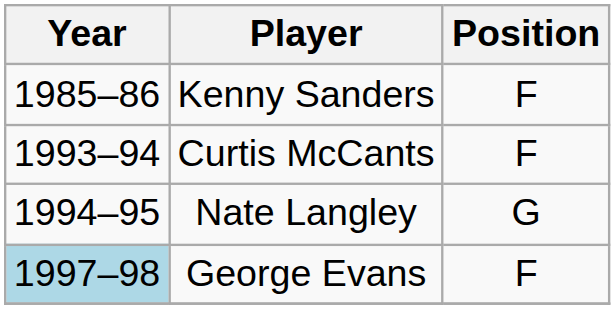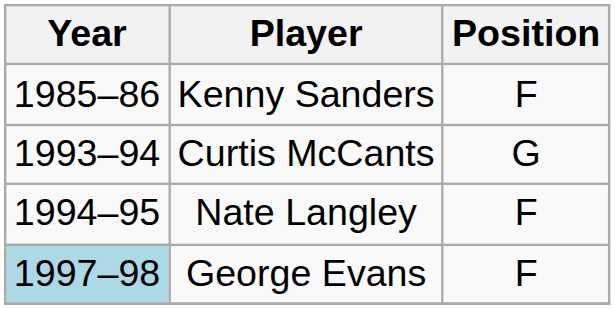 <table class="wikitable">
 <tr>
 <th>Year</th>
 <th>Player</th>
 <th>Position</th>
 </tr>
 <tr align="center">
 <td>1985–86</td>
 <td>Kenny Sanders</td>
 <td>F</td>
 </tr>
 <tr align="center">
 <td>1993–94</td>
 <td>Curtis McCants</td>
-<td>F</td>
+<td>G</td>
 </tr>
 <tr align="center">
 <td>1994–95</td>
 <td>Nate Langley</td>
-<td>G</td>
+<td>F</td>
 </tr>
 <tr align="center">
 <td style="background: lightblue;">1997–98</td>
 <td>George Evans</td>
 <td>F</td>
 </tr>
 <tr align="center">
 </tr>
 </table>
